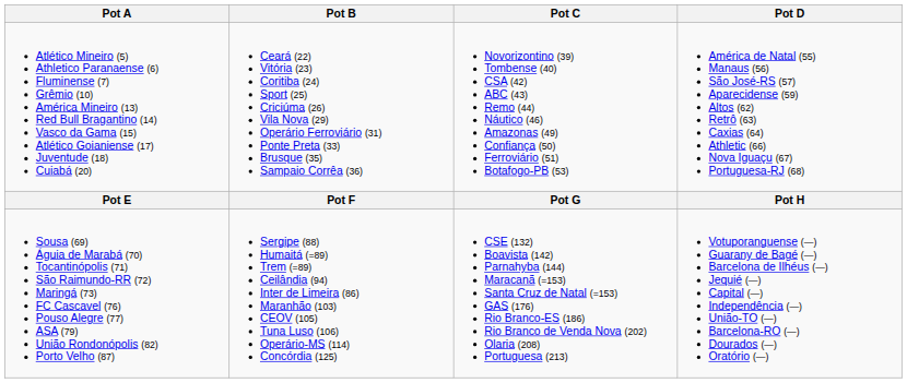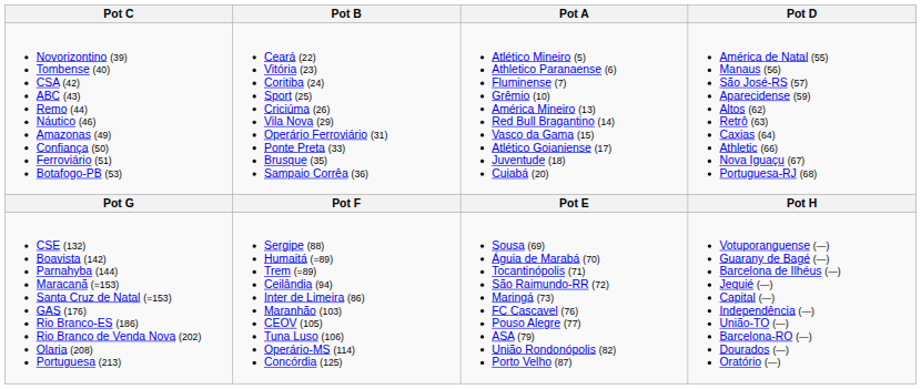 <table class="wikitable" width="100%">
 <tr>
+<th width="25%">Pot C</th>
+<th width="25%">Pot B</th>
 <th width="25%">Pot A</th>
-<th width="25%">Pot B</th>
-<th width="25%">Pot C</th>
 <th width="25%">Pot D</th>
 </tr>
 <tr>
+<td><br><ul><li><a href='#'>Novorizontino</a> <small>(39)</small></li><li><a href='#'>Tombense</a> <small>(40)</small></li><li><a href='#'>CSA</a> <small>(42)</small></li><li><a href='#'>ABC</a> <small>(43)</small></li><li><a href='#'>Remo</a> <small>(44)</small></li><li><a href='#'>Náutico</a> <small>(46)</small></li><li><a href='#'>Amazonas</a> <small>(49)</small></li><li><a href='#'>Confiança</a> <small>(50)</small></li><li><a href='#'>Ferroviário</a> <small>(51)</small></li><li><a href='#'>Botafogo-PB</a> <small>(53)</small></li></ul></td>
+<td><br><ul><li><a href='#'>Ceará</a> <small>(22)</small></li><li><a href='#'>Vitória</a> <small>(23)</small></li><li><a href='#'>Coritiba</a> <small>(24)</small></li><li><a href='#'>Sport</a> <small>(25)</small></li><li><a href='#'>Criciúma</a> <small>(26)</small></li><li><a href='#'>Vila Nova</a> <small>(29)</small></li><li><a href='#'>Operário Ferroviário</a> <small>(31)</small></li><li><a href='#'>Ponte Preta</a> <small>(33)</small></li><li><a href='#'>Brusque</a> <small>(35)</small></li><li><a href='#'>Sampaio Corrêa</a> <small>(36)</small></li></ul></td>
 <td><br><ul><li><a href='#'>Atlético Mineiro</a> <small>(5)</small></li><li><a href='#'>Athletico Paranaense</a> <small>(6)</small></li><li><a href='#'>Fluminense</a> <small>(7)</small></li><li><a href='#'>Grêmio</a> <small>(10)</small></li><li><a href='#'>América Mineiro</a> <small>(13)</small></li><li><a href='#'>Red Bull Bragantino</a> <small>(14)</small></li><li><a href='#'>Vasco da Gama</a> <small>(15)</small></li><li><a href='#'>Atlético Goianiense</a> <small>(17)</small></li><li><a href='#'>Juventude</a> <small>(18)</small></li><li><a href='#'>Cuiabá</a> <small>(20)</small></li></ul></td>
-<td><br><ul><li><a href='#'>Ceará</a> <small>(22)</small></li><li><a href='#'>Vitória</a> <small>(23)</small></li><li><a href='#'>Coritiba</a> <small>(24)</small></li><li><a href='#'>Sport</a> <small>(25)</small></li><li><a href='#'>Criciúma</a> <small>(26)</small></li><li><a href='#'>Vila Nova</a> <small>(29)</small></li><li><a href='#'>Operário Ferroviário</a> <small>(31)</small></li><li><a href='#'>Ponte Preta</a> <small>(33)</small></li><li><a href='#'>Brusque</a> <small>(35)</small></li><li><a href='#'>Sampaio Corrêa</a> <small>(36)</small></li></ul></td>
-<td><br><ul><li><a href='#'>Novorizontino</a> <small>(39)</small></li><li><a href='#'>Tombense</a> <small>(40)</small></li><li><a href='#'>CSA</a> <small>(42)</small></li><li><a href='#'>ABC</a> <small>(43)</small></li><li><a href='#'>Remo</a> <small>(44)</small></li><li><a href='#'>Náutico</a> <small>(46)</small></li><li><a href='#'>Amazonas</a> <small>(49)</small></li><li><a href='#'>Confiança</a> <small>(50)</small></li><li><a href='#'>Ferroviário</a> <small>(51)</small></li><li><a href='#'>Botafogo-PB</a> <small>(53)</small></li></ul></td>
 <td><br><ul><li><a href='#'>América de Natal</a> <small>(55)</small></li><li><a href='#'>Manaus</a> <small>(56)</small></li><li><a href='#'>São José-RS</a> <small>(57)</small></li><li><a href='#'>Aparecidense</a> <small>(59)</small></li><li><a href='#'>Altos</a> <small>(62)</small></li><li><a href='#'>Retrô</a> <small>(63)</small></li><li><a href='#'>Caxias</a> <small>(64)</small></li><li><a href='#'>Athletic</a> <small>(66)</small></li><li><a href='#'>Nova Iguaçu</a> <small>(67)</small></li><li><a href='#'>Portuguesa-RJ</a> <small>(68)</small></li></ul></td>
 </tr>
 <tr>
+<th>Pot G</th>
+<th>Pot F</th>
 <th>Pot E</th>
-<th>Pot F</th>
-<th>Pot G</th>
 <th>Pot H</th>
 </tr>
 <tr>
+<td><br><ul><li><a href='#'>CSE</a> <small>(132)</small></li><li><a href='#'>Boavista</a> <small>(142)</small></li><li><a href='#'>Parnahyba</a> <small>(144)</small></li><li><a href='#'>Maracanã</a> <small>(=153)</small></li><li><a href='#'>Santa Cruz de Natal</a> <small>(=153)</small></li><li><a href='#'>GAS</a> <small>(176)</small></li><li><a href='#'>Rio Branco-ES</a> <small>(186)</small></li><li><a href='#'>Rio Branco de Venda Nova</a> <small>(202)</small></li><li><a href='#'>Olaria</a> <small>(208)</small></li><li><a href='#'>Portuguesa</a> <small>(213)</small></li></ul></td>
+<td><br><ul><li><a href='#'>Sergipe</a> <small>(88)</small></li><li><a href='#'>Humaitá</a> <small>(=89)</small></li><li><a href='#'>Trem</a> <small>(=89)</small></li><li><a href='#'>Ceilândia</a> <small>(94)</small></li><li><a href='#'>Inter de Limeira</a> <small>(86)</small></li><li><a href='#'>Maranhão</a> <small>(103)</small></li><li><a href='#'>CEOV</a> <small>(105)</small></li><li><a href='#'>Tuna Luso</a> <small>(106)</small></li><li><a href='#'>Operário-MS</a> <small>(114)</small></li><li><a href='#'>Concórdia</a> <small>(125)</small></li></ul></td>
 <td><br><ul><li><a href='#'>Sousa</a> <small>(69)</small></li><li><a href='#'>Águia de Marabá</a> <small>(70)</small></li><li><a href='#'>Tocantinópolis</a> <small>(71)</small></li><li><a href='#'>São Raimundo-RR</a> <small>(72)</small></li><li><a href='#'>Maringá</a> <small>(73)</small></li><li><a href='#'>FC Cascavel</a> <small>(76)</small></li><li><a href='#'>Pouso Alegre</a> <small>(77)</small></li><li><a href='#'>ASA</a> <small>(79)</small></li><li><a href='#'>União Rondonópolis</a> <small>(82)</small></li><li><a href='#'>Porto Velho</a> <small>(87)</small></li></ul></td>
-<td><br><ul><li><a href='#'>Sergipe</a> <small>(88)</small></li><li><a href='#'>Humaitá</a> <small>(=89)</small></li><li><a href='#'>Trem</a> <small>(=89)</small></li><li><a href='#'>Ceilândia</a> <small>(94)</small></li><li><a href='#'>Inter de Limeira</a> <small>(86)</small></li><li><a href='#'>Maranhão</a> <small>(103)</small></li><li><a href='#'>CEOV</a> <small>(105)</small></li><li><a href='#'>Tuna Luso</a> <small>(106)</small></li><li><a href='#'>Operário-MS</a> <small>(114)</small></li><li><a href='#'>Concórdia</a> <small>(125)</small></li></ul></td>
-<td><br><ul><li><a href='#'>CSE</a> <small>(132)</small></li><li><a href='#'>Boavista</a> <small>(142)</small></li><li><a href='#'>Parnahyba</a> <small>(144)</small></li><li><a href='#'>Maracanã</a> <small>(=153)</small></li><li><a href='#'>Santa Cruz de Natal</a> <small>(=153)</small></li><li><a href='#'>GAS</a> <small>(176)</small></li><li><a href='#'>Rio Branco-ES</a> <small>(186)</small></li><li><a href='#'>Rio Branco de Venda Nova</a> <small>(202)</small></li><li><a href='#'>Olaria</a> <small>(208)</small></li><li><a href='#'>Portuguesa</a> <small>(213)</small></li></ul></td>
 <td><br><ul><li><a href='#'>Votuporanguense</a> <small>(—)</small></li><li><a href='#'>Guarany de Bagé</a> <small>(—)</small></li><li><a href='#'>Barcelona de Ilhéus</a> <small>(—)</small></li><li><a href='#'>Jequié</a> <small>(—)</small></li><li><a href='#'>Capital</a> <small>(—)</small></li><li><a href='#'>Independência</a> <small>(—)</small></li><li><a href='#'>União-TO</a> <small>(—)</small></li><li><a href='#'>Barcelona-RO</a> <small>(—)</small></li><li><a href='#'>Dourados</a> <small>(—)</small></li><li><a href='#'>Oratório</a> <small>(—)</small></li></ul></td>
 </tr>
 </table>
